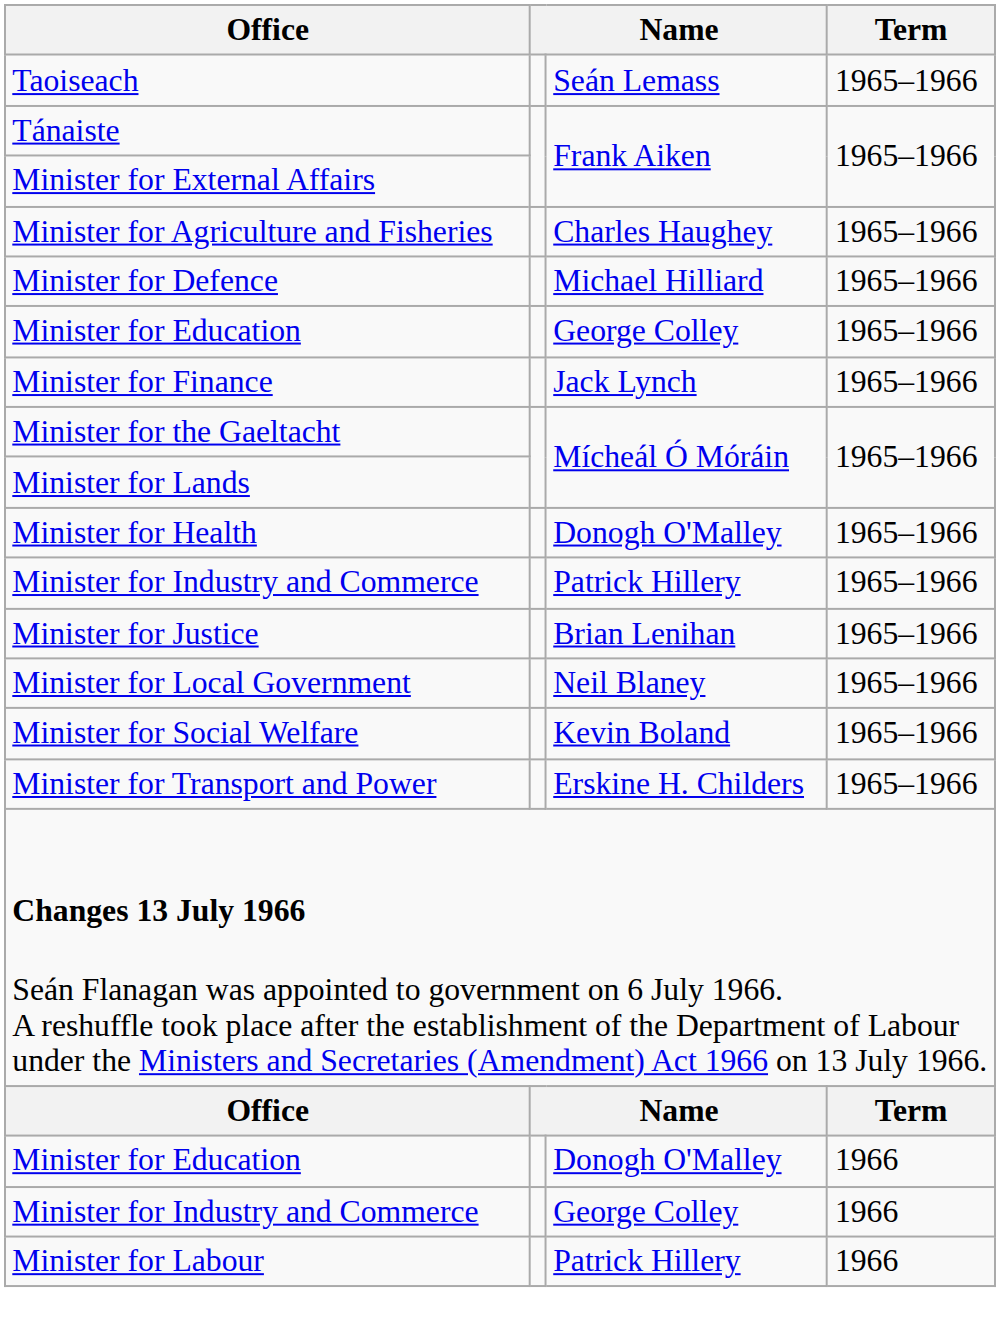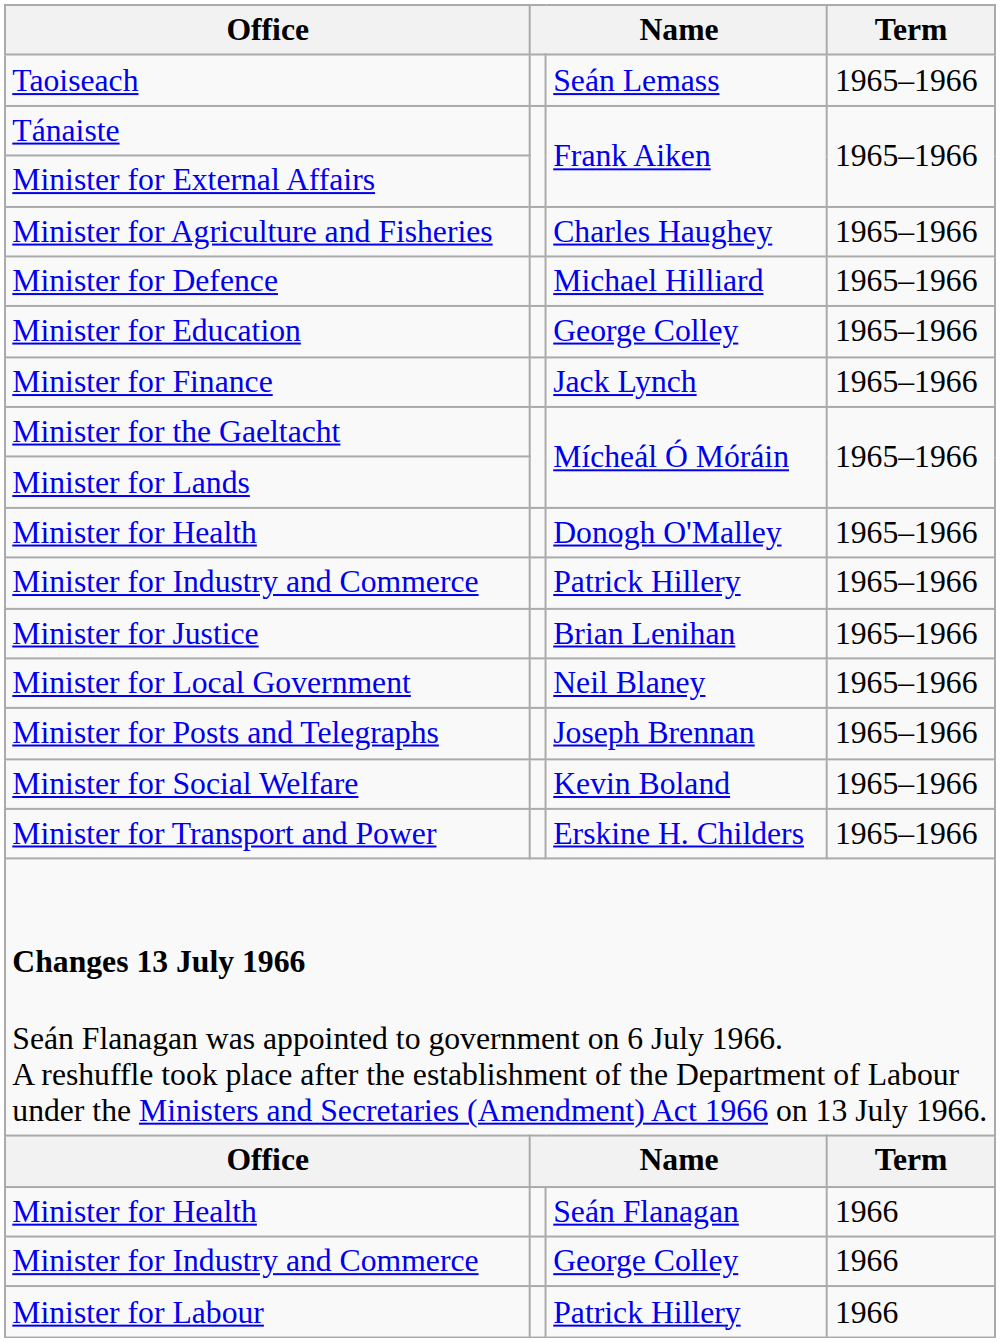 <table class="wikitable">
 <tr>
 <th>Office</th>
 <th colspan=2>Name</th>
 <th>Term</th>
 </tr>
 <tr>
 <td><a href='#'>Taoiseach</a></td>
 <td style="background-color: "></td>
 <td><a href='#'>Seán Lemass</a></td>
 <td>1965–1966</td>
 </tr>
 <tr>
 <td><a href='#'>Tánaiste</a></td>
 <td rowspan=2 style="background-color: "></td>
 <td rowspan=2><a href='#'>Frank Aiken</a></td>
 <td rowspan=2>1965–1966</td>
 </tr>
 <tr>
 <td><a href='#'>Minister for External Affairs</a></td>
 </tr>
 <tr>
 <td><a href='#'>Minister for Agriculture and Fisheries</a></td>
 <td style="background-color: "></td>
 <td><a href='#'>Charles Haughey</a></td>
 <td>1965–1966</td>
 </tr>
 <tr>
 <td><a href='#'>Minister for Defence</a></td>
 <td style="background-color: "></td>
 <td><a href='#'>Michael Hilliard</a></td>
 <td>1965–1966</td>
 </tr>
 <tr>
 <td><a href='#'>Minister for Education</a></td>
 <td style="background-color: "></td>
 <td><a href='#'>George Colley</a></td>
 <td>1965–1966</td>
 </tr>
 <tr>
 <td><a href='#'>Minister for Finance</a></td>
 <td style="background-color: "></td>
 <td><a href='#'>Jack Lynch</a></td>
 <td>1965–1966</td>
 </tr>
 <tr>
 <td><a href='#'>Minister for the Gaeltacht</a></td>
 <td rowspan=2 style="background-color: "></td>
 <td rowspan=2><a href='#'>Mícheál Ó Móráin</a></td>
 <td rowspan=2>1965–1966</td>
 </tr>
 <tr>
 <td><a href='#'>Minister for Lands</a></td>
 </tr>
 <tr>
 <td><a href='#'>Minister for Health</a></td>
 <td style="background-color: "></td>
 <td><a href='#'>Donogh O'Malley</a></td>
 <td>1965–1966</td>
 </tr>
 <tr>
 <td><a href='#'>Minister for Industry and Commerce</a></td>
 <td style="background-color: "></td>
 <td><a href='#'>Patrick Hillery</a></td>
 <td>1965–1966</td>
 </tr>
 <tr>
 <td><a href='#'>Minister for Justice</a></td>
 <td style="background-color: "></td>
 <td><a href='#'>Brian Lenihan</a></td>
 <td>1965–1966</td>
 </tr>
 <tr>
 <td><a href='#'>Minister for Local Government</a></td>
 <td style="background-color: "></td>
 <td><a href='#'>Neil Blaney</a></td>
 <td>1965–1966</td>
 </tr>
 <tr>
+<td><a href='#'>Minister for Posts and Telegraphs</a></td>
+<td style="background-color: "></td>
+<td><a href='#'>Joseph Brennan</a></td>
+<td>1965–1966</td>
+</tr>
+<tr>
 <td><a href='#'>Minister for Social Welfare</a></td>
 <td style="background-color: "></td>
 <td><a href='#'>Kevin Boland</a></td>
 <td>1965–1966</td>
 </tr>
 <tr>
 <td><a href='#'>Minister for Transport and Power</a></td>
 <td style="background-color: "></td>
 <td><a href='#'>Erskine H. Childers</a></td>
 <td>1965–1966</td>
 </tr>
 <tr>
 <td colspan="4"><br><h4>Changes 13 July 1966</h4>Seán Flanagan was appointed to government on 6 July 1966.<br>A reshuffle took place after the establishment of the Department of Labour<br>under the <a href='#'>Ministers and Secretaries (Amendment) Act 1966</a> on 13 July 1966.</td>
 </tr>
 <tr>
 <th>Office</th>
 <th colspan=2>Name</th>
 <th>Term</th>
 </tr>
 <tr>
-<td><a href='#'>Minister for Education</a></td>
+<td><a href='#'>Minister for Health</a></td>
 <td style="background-color: "></td>
-<td><a href='#'>Donogh O'Malley</a></td>
+<td><a href='#'>Seán Flanagan</a></td>
 <td>1966</td>
 </tr>
 <tr>
 <td><a href='#'>Minister for Industry and Commerce</a></td>
 <td style="background-color: "></td>
 <td><a href='#'>George Colley</a></td>
 <td>1966</td>
 </tr>
 <tr>
 <td><a href='#'>Minister for Labour</a></td>
 <td style="background-color: "></td>
 <td><a href='#'>Patrick Hillery</a></td>
 <td>1966</td>
 </tr>
 </table>
